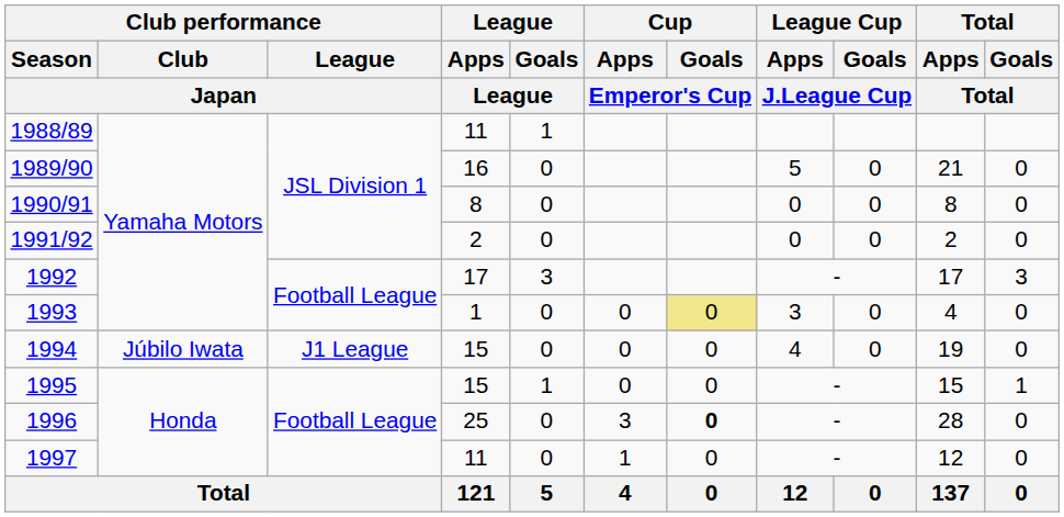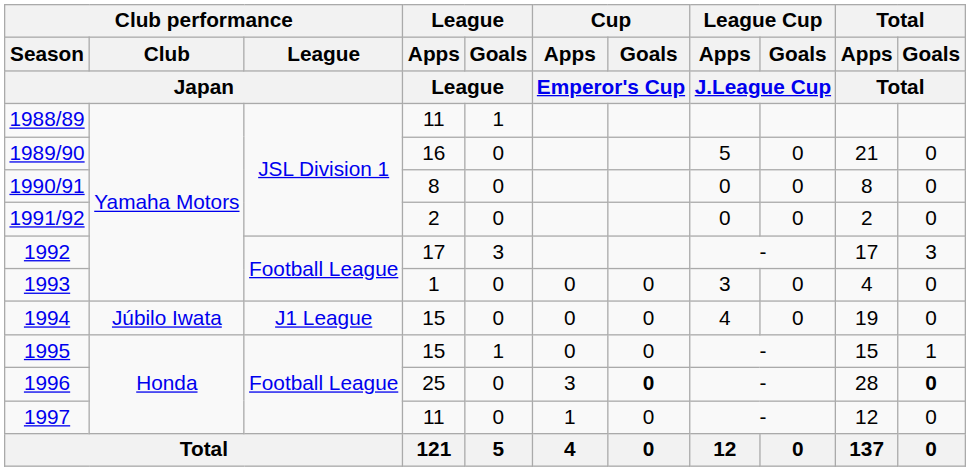 <table class="wikitable" style="text-align:center;">
 <tr>
 <th colspan=3>Club performance</th>
 <th colspan=2>League</th>
 <th colspan=2>Cup</th>
 <th colspan=2>League Cup</th>
 <th colspan=2>Total</th>
 </tr>
 <tr>
 <th>Season</th>
 <th>Club</th>
 <th>League</th>
 <th>Apps</th>
 <th>Goals</th>
 <th>Apps</th>
 <th>Goals</th>
 <th>Apps</th>
 <th>Goals</th>
 <th>Apps</th>
 <th>Goals</th>
 </tr>
 <tr>
 <th colspan=3>Japan</th>
 <th colspan=2>League</th>
 <th colspan=2><a href='#'>Emperor's Cup</a></th>
 <th colspan=2><a href='#'>J.League Cup</a></th>
 <th colspan=2>Total</th>
 </tr>
 <tr>
 <td><a href='#'>1988/89</a></td>
 <td rowspan="6"><a href='#'>Yamaha Motors</a></td>
 <td rowspan="4"><a href='#'>JSL Division 1</a></td>
 <td>11</td>
 <td>1</td>
 <td></td>
 <td></td>
 <td></td>
 <td></td>
 <td></td>
 <td></td>
 </tr>
 <tr>
 <td><a href='#'>1989/90</a></td>
 <td>16</td>
 <td>0</td>
 <td></td>
 <td></td>
 <td>5</td>
 <td>0</td>
 <td>21</td>
 <td>0</td>
 </tr>
 <tr>
 <td><a href='#'>1990/91</a></td>
 <td>8</td>
 <td>0</td>
 <td></td>
 <td></td>
 <td>0</td>
 <td>0</td>
 <td>8</td>
 <td>0</td>
 </tr>
 <tr>
 <td><a href='#'>1991/92</a></td>
 <td>2</td>
 <td>0</td>
 <td></td>
 <td></td>
 <td>0</td>
 <td>0</td>
 <td>2</td>
 <td>0</td>
 </tr>
 <tr>
 <td><a href='#'>1992</a></td>
 <td rowspan="2"><a href='#'>Football League</a></td>
 <td>17</td>
 <td>3</td>
 <td></td>
 <td></td>
 <td colspan="2">-</td>
 <td>17</td>
 <td>3</td>
 </tr>
 <tr>
 <td><a href='#'>1993</a></td>
 <td>1</td>
 <td>0</td>
 <td>0</td>
-<td style="background: khaki;">0</td>
+<td>0</td>
 <td>3</td>
 <td>0</td>
 <td>4</td>
 <td>0</td>
 </tr>
 <tr>
 <td><a href='#'>1994</a></td>
 <td><a href='#'>Júbilo Iwata</a></td>
 <td><a href='#'>J1 League</a></td>
 <td>15</td>
 <td>0</td>
 <td>0</td>
 <td>0</td>
 <td>4</td>
 <td>0</td>
 <td>19</td>
 <td>0</td>
 </tr>
 <tr>
 <td><a href='#'>1995</a></td>
 <td rowspan="3"><a href='#'>Honda</a></td>
 <td rowspan="3"><a href='#'>Football League</a></td>
 <td>15</td>
 <td>1</td>
 <td>0</td>
 <td>0</td>
 <td colspan="2">-</td>
 <td>15</td>
 <td>1</td>
 </tr>
 <tr>
 <td><a href='#'>1996</a></td>
 <td>25</td>
 <td>0</td>
 <td>3</td>
 <td><strong>0</strong></td>
 <td colspan="2">-</td>
 <td>28</td>
-<td>0</td>
+<td><strong>0</strong></td>
 </tr>
 <tr>
 <td><a href='#'>1997</a></td>
 <td>11</td>
 <td>0</td>
 <td>1</td>
 <td>0</td>
 <td colspan="2">-</td>
 <td>12</td>
 <td>0</td>
 </tr>
 <tr>
 <th colspan=3>Total</th>
 <th>121</th>
 <th>5</th>
 <th>4</th>
 <th>0</th>
 <th>12</th>
 <th>0</th>
 <th>137</th>
 <th>0</th>
 </tr>
 </table>
